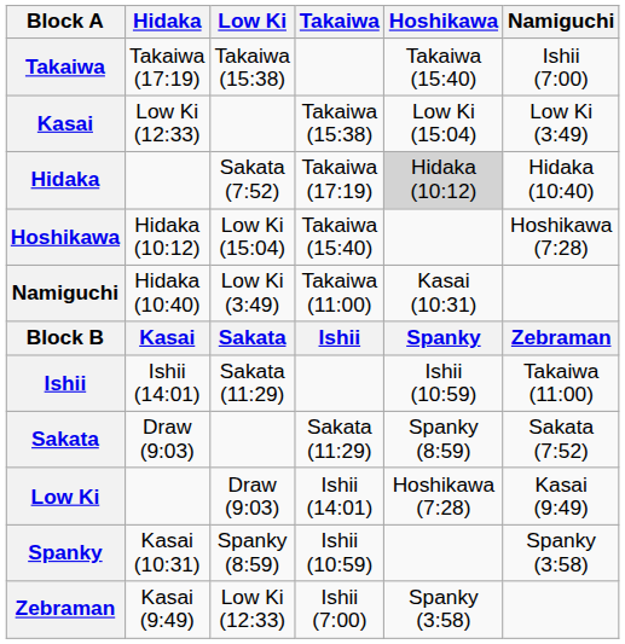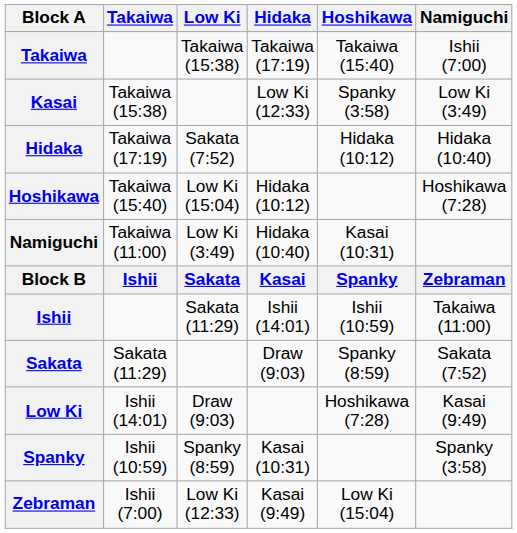 <table class="wikitable" style="margin: 1em auto 1em auto;text-align:center">
 <tr>
 <th>Block A</th>
+<th><a href='#'>Takaiwa</a></th>
+<th><a href='#'>Low Ki</a></th>
 <th><a href='#'>Hidaka</a></th>
-<th><a href='#'>Low Ki</a></th>
-<th><a href='#'>Takaiwa</a></th>
 <th><a href='#'>Hoshikawa</a></th>
 <th>Namiguchi</th>
 </tr>
 <tr>
 <th><a href='#'>Takaiwa</a></th>
+<td></td>
+<td>Takaiwa<br>(15:38)</td>
 <td>Takaiwa<br>(17:19)</td>
-<td>Takaiwa<br>(15:38)</td>
-<td></td>
 <td>Takaiwa<br>(15:40)</td>
 <td>Ishii<br>(7:00)</td>
 </tr>
 <tr>
 <th><a href='#'>Kasai</a></th>
+<td>Takaiwa<br>(15:38)</td>
+<td></td>
 <td>Low Ki<br>(12:33)</td>
-<td></td>
-<td>Takaiwa<br>(15:38)</td>
-<td>Low Ki<br>(15:04)</td>
+<td>Spanky<br>(3:58)</td>
 <td>Low Ki<br>(3:49)</td>
 </tr>
 <tr>
 <th><a href='#'>Hidaka</a></th>
+<td>Takaiwa<br>(17:19)</td>
+<td>Sakata<br>(7:52)</td>
 <td></td>
-<td>Sakata<br>(7:52)</td>
-<td>Takaiwa<br>(17:19)</td>
-<td style="background: lightgrey;">Hidaka<br>(10:12)</td>
+<td>Hidaka<br>(10:12)</td>
 <td>Hidaka<br>(10:40)</td>
 </tr>
 <tr>
 <th><a href='#'>Hoshikawa</a></th>
+<td>Takaiwa<br>(15:40)</td>
+<td>Low Ki<br>(15:04)</td>
 <td>Hidaka<br>(10:12)</td>
-<td>Low Ki<br>(15:04)</td>
-<td>Takaiwa<br>(15:40)</td>
 <td></td>
 <td>Hoshikawa<br>(7:28)</td>
 </tr>
 <tr>
 <th>Namiguchi</th>
+<td>Takaiwa<br>(11:00)</td>
+<td>Low Ki<br>(3:49)</td>
 <td>Hidaka<br>(10:40)</td>
-<td>Low Ki<br>(3:49)</td>
-<td>Takaiwa<br>(11:00)</td>
 <td>Kasai<br>(10:31)</td>
 <td></td>
 </tr>
 <tr>
 <th>Block B</th>
+<th><a href='#'>Ishii</a></th>
+<th><a href='#'>Sakata</a></th>
 <th><a href='#'>Kasai</a></th>
-<th><a href='#'>Sakata</a></th>
-<th><a href='#'>Ishii</a></th>
 <th><a href='#'>Spanky</a></th>
 <th><a href='#'>Zebraman</a></th>
 </tr>
 <tr>
 <th><a href='#'>Ishii</a></th>
+<td></td>
+<td>Sakata<br>(11:29)</td>
 <td>Ishii<br>(14:01)</td>
-<td>Sakata<br>(11:29)</td>
-<td></td>
 <td>Ishii<br>(10:59)</td>
 <td>Takaiwa<br>(11:00)</td>
 </tr>
 <tr>
 <th><a href='#'>Sakata</a></th>
+<td>Sakata<br>(11:29)</td>
+<td></td>
 <td>Draw<br>(9:03)</td>
-<td></td>
-<td>Sakata<br>(11:29)</td>
 <td>Spanky<br>(8:59)</td>
 <td>Sakata<br>(7:52)</td>
 </tr>
 <tr>
 <th><a href='#'>Low Ki</a></th>
+<td>Ishii<br>(14:01)</td>
+<td>Draw<br>(9:03)</td>
 <td></td>
-<td>Draw<br>(9:03)</td>
-<td>Ishii<br>(14:01)</td>
 <td>Hoshikawa<br>(7:28)</td>
 <td>Kasai<br>(9:49)</td>
 </tr>
 <tr>
 <th><a href='#'>Spanky</a></th>
+<td>Ishii<br>(10:59)</td>
+<td>Spanky<br>(8:59)</td>
 <td>Kasai<br>(10:31)</td>
-<td>Spanky<br>(8:59)</td>
-<td>Ishii<br>(10:59)</td>
 <td></td>
 <td>Spanky<br>(3:58)</td>
 </tr>
 <tr>
 <th><a href='#'>Zebraman</a></th>
+<td>Ishii<br>(7:00)</td>
+<td>Low Ki<br>(12:33)</td>
 <td>Kasai<br>(9:49)</td>
-<td>Low Ki<br>(12:33)</td>
-<td>Ishii<br>(7:00)</td>
-<td>Spanky<br>(3:58)</td>
+<td>Low Ki<br>(15:04)</td>
 <td></td>
 </tr>
 </table>
